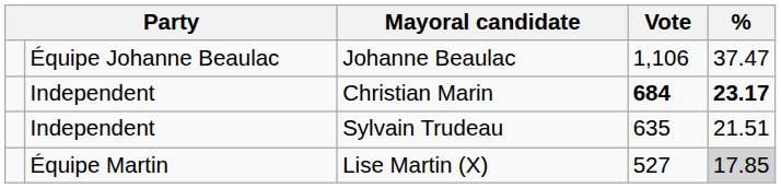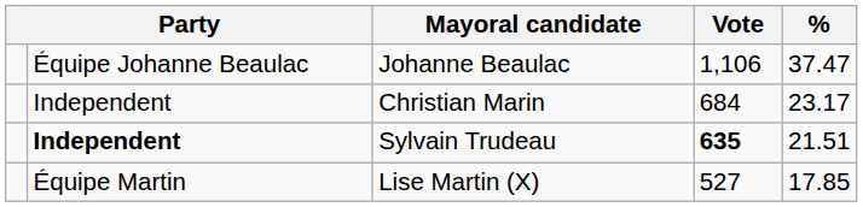 <table class="wikitable">
 <tr>
 <th bgcolor="#DDDDFF" width="230px" colspan="2">Party</th>
 <th bgcolor="#DDDDFF" width="200px">Mayoral candidate</th>
 <th bgcolor="#DDDDFF" width="50px">Vote</th>
 <th bgcolor="#DDDDFF" width="30px">%</th>
 </tr>
 <tr>
 <td> </td>
 <td>Équipe Johanne Beaulac</td>
 <td>Johanne Beaulac</td>
 <td>1,106</td>
 <td>37.47</td>
 </tr>
 <tr>
 <td> </td>
 <td>Independent</td>
 <td>Christian Marin</td>
-<td><strong>684</strong></td>
-<td><strong>23.17</strong></td>
+<td>684</td>
+<td>23.17</td>
 </tr>
 <tr>
 <td> </td>
-<td>Independent</td>
+<td><strong>Independent</strong></td>
 <td>Sylvain Trudeau</td>
-<td>635</td>
+<td><strong>635</strong></td>
 <td>21.51</td>
 </tr>
 <tr>
 <td> </td>
 <td>Équipe Martin</td>
 <td>Lise Martin (X)</td>
 <td>527</td>
-<td style="background: lightgrey;">17.85</td>
+<td>17.85</td>
 </tr>
 </table>
